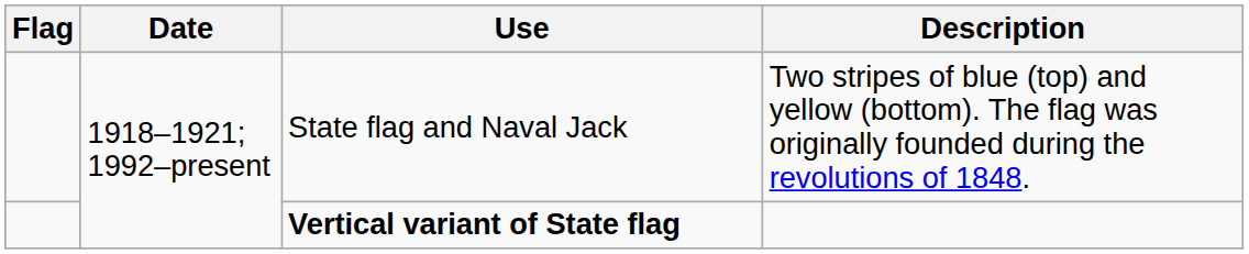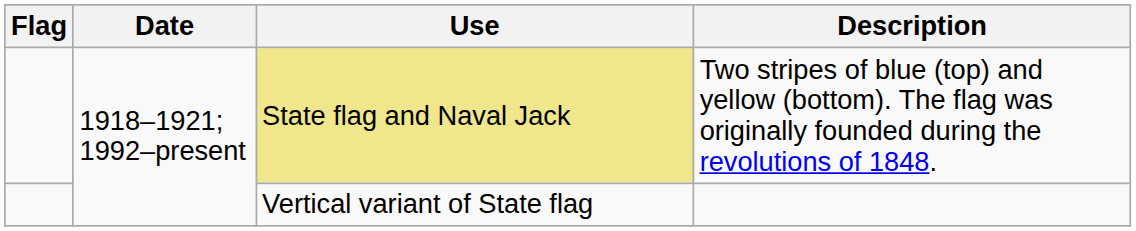 <table class="wikitable">
 <tr>
 <th>Flag</th>
 <th style="width:100px;">Date</th>
 <th style="width:250px;">Use</th>
 <th style="width:250px;">Description</th>
 </tr>
 <tr>
 <td></td>
 <td rowspan="2">1918–1921; 1992–present</td>
-<td>State flag and Naval Jack</td>
+<td style="background: khaki;">State flag and Naval Jack</td>
 <td>Two stripes of blue (top) and yellow (bottom). The flag was originally founded during the <a href='#'>revolutions of 1848</a>.</td>
 </tr>
 <tr>
 <td></td>
-<td><strong>Vertical variant of State flag</strong></td>
+<td>Vertical variant of State flag</td>
 <td></td>
 </tr>
 </table>
